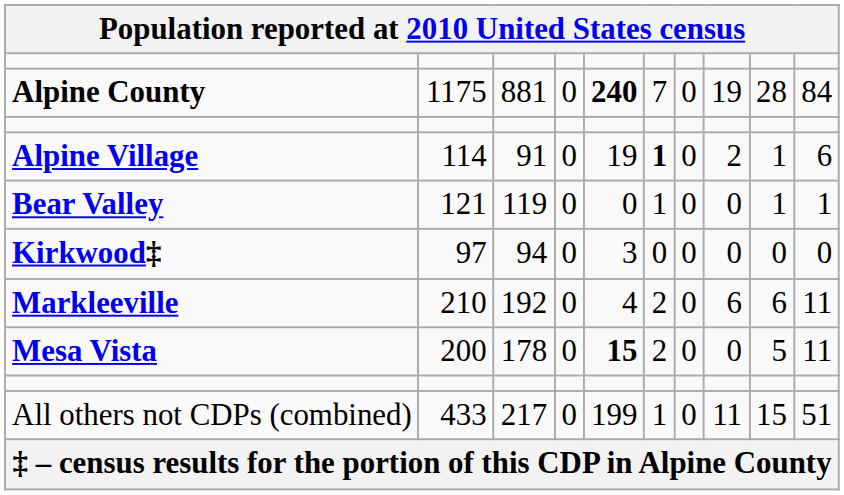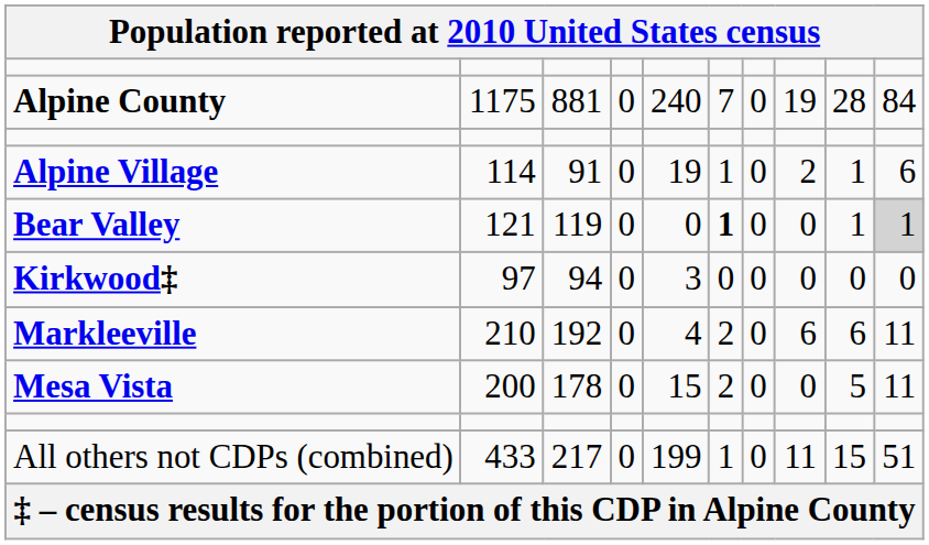 <table class="wikitable collapsible collapsed">
 <tr>
 <th colspan="10">Population reported at <a href='#'>2010 United States census</a></th>
 </tr>
 <tr>
 <td></td>
 <td></td>
 <td></td>
 <td></td>
 <td></td>
 <td></td>
 <td></td>
 <td></td>
 <td></td>
 <td></td>
 </tr>
 <tr>
 <td><strong> Alpine County</strong></td>
 <td align="right">1175</td>
 <td align="right">881</td>
 <td align="right">0</td>
-<td align="right"><strong>240</strong></td>
+<td align="right">240</td>
 <td align="right">7</td>
 <td align="right">0</td>
 <td align="right">19</td>
 <td align="right">28</td>
 <td align="right">84</td>
 </tr>
 <tr>
 <td></td>
 <td></td>
 <td></td>
 <td></td>
 <td></td>
 <td></td>
 <td></td>
 <td></td>
 <td></td>
 <td></td>
 </tr>
 <tr>
 <td><strong><a href='#'>Alpine Village</a></strong></td>
 <td align="right">114</td>
 <td align="right">91</td>
 <td align="right">0</td>
 <td align="right">19</td>
-<td align="right"><strong>1</strong></td>
+<td align="right">1</td>
 <td align="right">0</td>
 <td align="right">2</td>
 <td align="right">1</td>
 <td align="right">6</td>
 </tr>
 <tr>
 <td><strong><a href='#'>Bear Valley</a> </strong></td>
 <td align="right">121</td>
 <td align="right">119</td>
 <td align="right">0</td>
 <td align="right">0</td>
-<td align="right">1</td>
+<td align="right"><strong>1</strong></td>
 <td align="right">0</td>
 <td align="right">0</td>
 <td align="right">1</td>
-<td align="right">1</td>
+<td align="right" style="background: lightgrey;">1</td>
 </tr>
 <tr>
 <td><strong><a href='#'>Kirkwood</a>‡</strong></td>
 <td align="right">97</td>
 <td align="right">94</td>
 <td align="right">0</td>
 <td align="right">3</td>
 <td align="right">0</td>
 <td align="right">0</td>
 <td align="right">0</td>
 <td align="right">0</td>
 <td align="right">0</td>
 </tr>
 <tr>
 <td><strong><a href='#'>Markleeville</a> </strong></td>
 <td align="right">210</td>
 <td align="right">192</td>
 <td align="right">0</td>
 <td align="right">4</td>
 <td align="right">2</td>
 <td align="right">0</td>
 <td align="right">6</td>
 <td align="right">6</td>
 <td align="right">11</td>
 </tr>
 <tr>
 <td><strong><a href='#'>Mesa Vista</a></strong></td>
 <td align="right">200</td>
 <td align="right">178</td>
 <td align="right">0</td>
-<td align="right"><strong>15</strong></td>
+<td align="right">15</td>
 <td align="right">2</td>
 <td align="right">0</td>
 <td align="right">0</td>
 <td align="right">5</td>
 <td align="right">11</td>
 </tr>
 <tr>
 <td></td>
 <td></td>
 <td></td>
 <td></td>
 <td></td>
 <td></td>
 <td></td>
 <td></td>
 <td></td>
 <td></td>
 </tr>
 <tr>
 <td>All others not CDPs (combined)</td>
 <td align="right">433</td>
 <td align="right">217</td>
 <td align="right">0</td>
 <td align="right">199</td>
 <td align="right">1</td>
 <td align="right">0</td>
 <td align="right">11</td>
 <td align="right">15</td>
 <td align="right">51</td>
 </tr>
 <tr>
 <th colspan="10">‡ – census results for the portion of this CDP in Alpine County</th>
 </tr>
 </table>
